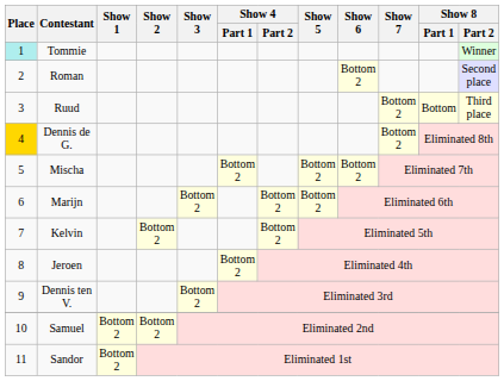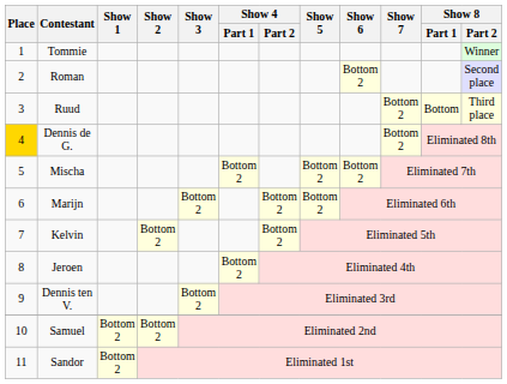 <table class="wikitable" style="text-align:center;">
 <tr>
 <th rowspan="2">Place</th>
 <th rowspan="2">Contestant</th>
 <th rowspan="2">Show 1</th>
 <th rowspan="2">Show 2</th>
 <th rowspan="2">Show 3</th>
 <th colspan="2">Show 4</th>
 <th rowspan="2">Show 5</th>
 <th rowspan="2">Show 6</th>
 <th rowspan="2">Show 7</th>
 <th colspan="2">Show 8</th>
 </tr>
 <tr>
 <th>Part 1</th>
 <th>Part 2</th>
 <th>Part 1</th>
 <th>Part 2</th>
 </tr>
 <tr>
-<td style="background: paleturquoise;">1</td>
+<td>1</td>
 <td>Tommie</td>
 <td></td>
 <td></td>
 <td></td>
 <td></td>
 <td></td>
 <td></td>
 <td></td>
 <td></td>
 <td></td>
 <td style="background:#ddffdd;">Winner</td>
 </tr>
 <tr>
 <td>2</td>
 <td>Roman</td>
 <td></td>
 <td></td>
 <td></td>
 <td></td>
 <td></td>
 <td></td>
 <td style="background:#ffffdd;">Bottom 2</td>
 <td></td>
 <td></td>
 <td style="background:#dfdfff;">Second place</td>
 </tr>
 <tr>
 <td>3</td>
 <td>Ruud</td>
 <td></td>
 <td></td>
 <td></td>
 <td></td>
 <td></td>
 <td></td>
 <td></td>
 <td style="background:#ffffdd;">Bottom 2</td>
 <td style="background:#ffffdd;">Bottom</td>
 <td style="background:#ffffdd;">Third place</td>
 </tr>
 <tr>
 <td style="background: gold;">4</td>
 <td>Dennis de G.</td>
 <td></td>
 <td></td>
 <td></td>
 <td></td>
 <td></td>
 <td></td>
 <td></td>
 <td style="background:#ffffdd;">Bottom 2</td>
 <td style="background:#ffdddd;" colspan="9">Eliminated 8th</td>
 </tr>
 <tr>
 <td>5</td>
 <td>Mischa</td>
 <td></td>
 <td></td>
 <td></td>
 <td style="background:#ffffdd;">Bottom 2</td>
 <td></td>
 <td style="background:#ffffdd;">Bottom 2</td>
 <td style="background:#ffffdd;">Bottom 2</td>
 <td style="background:#ffdddd;" colspan="9">Eliminated 7th</td>
 </tr>
 <tr>
 <td>6</td>
 <td>Marijn</td>
 <td></td>
 <td></td>
 <td style="background:#ffffdd;">Bottom 2</td>
 <td></td>
 <td style="background:#ffffdd;">Bottom 2</td>
 <td style="background:#ffffdd;">Bottom 2</td>
 <td style="background:#ffdddd;" colspan="9">Eliminated 6th</td>
 </tr>
 <tr>
 <td>7</td>
 <td>Kelvin</td>
 <td></td>
 <td style="background:#ffffdd;">Bottom 2</td>
 <td></td>
 <td></td>
 <td style="background:#ffffdd;">Bottom 2</td>
 <td style="background:#ffdddd;" colspan="9">Eliminated 5th</td>
 </tr>
 <tr>
 <td>8</td>
 <td>Jeroen</td>
 <td></td>
 <td></td>
 <td></td>
 <td style="background:#ffffdd;">Bottom 2</td>
 <td style="background:#ffdddd;" colspan="9">Eliminated 4th</td>
 </tr>
 <tr>
 <td>9</td>
 <td>Dennis ten V.</td>
 <td></td>
 <td></td>
 <td style="background:#ffffdd;">Bottom 2</td>
 <td style="background:#ffdddd;" colspan="9">Eliminated 3rd</td>
 </tr>
 <tr>
 </tr>
 <tr>
 <td>10</td>
 <td>Samuel</td>
 <td style="background:#ffffdd;">Bottom 2</td>
 <td style="background:#ffffdd;">Bottom 2</td>
 <td style="background:#ffdddd;" colspan="9">Eliminated 2nd</td>
 </tr>
 <tr>
 <td>11</td>
 <td>Sandor</td>
 <td style="background:#ffffdd;">Bottom 2</td>
 <td style="background:#ffdddd;" colspan="9">Eliminated 1st</td>
 </tr>
 </table>
